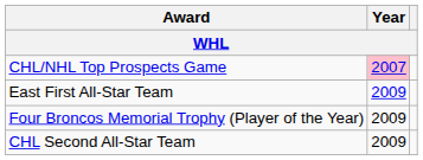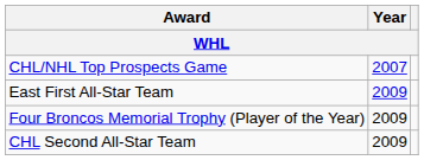 <table class="wikitable">
 <tr>
 <th>Award</th>
 <th>Year</th>
 <th></th>
 </tr>
 <tr ALIGN="center" bgcolor="#e0e0e0">
 <th colspan="3"><a href='#'>WHL</a></th>
 </tr>
 <tr>
 <td><a href='#'>CHL/NHL Top Prospects Game</a></td>
-<td style="background: pink;"><a href='#'>2007</a></td>
+<td><a href='#'>2007</a></td>
 <td></td>
 </tr>
 <tr>
 <td>East First All-Star Team</td>
 <td><a href='#'>2009</a></td>
 <td></td>
 </tr>
 <tr>
 <td><a href='#'>Four Broncos Memorial Trophy</a> (Player of the Year)</td>
 <td>2009</td>
 <td></td>
 </tr>
 <tr>
 <td><a href='#'>CHL</a> Second All-Star Team</td>
 <td>2009</td>
 <td></td>
 </tr>
 </table>
